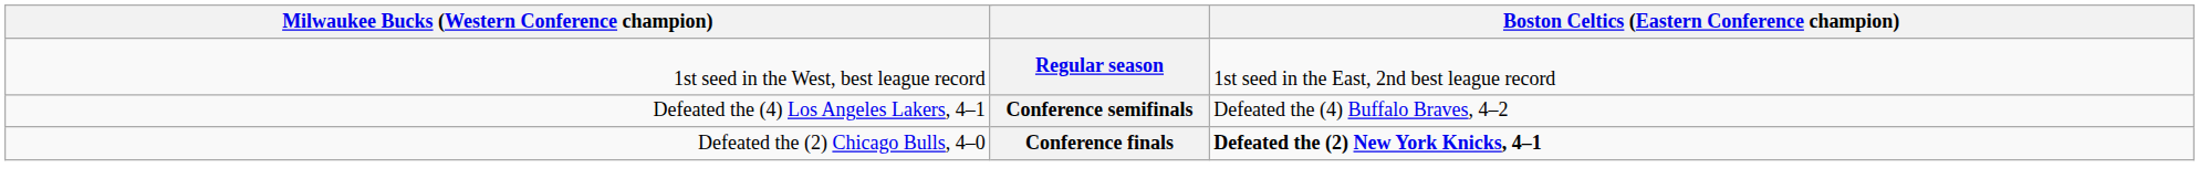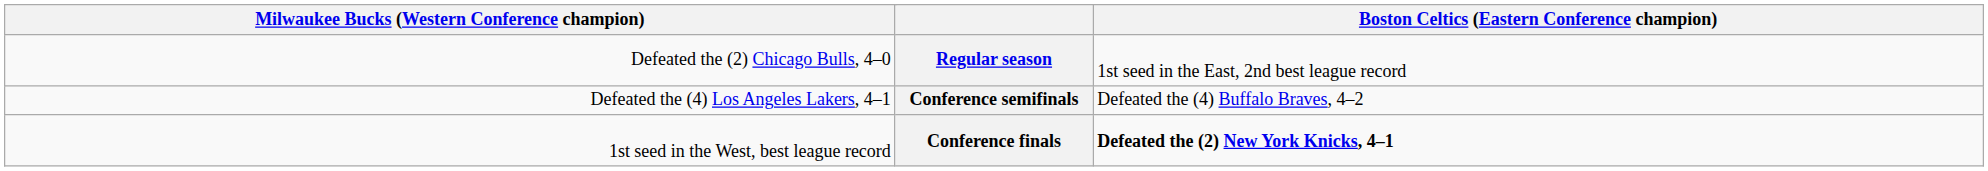 <table style="width:100%; font-size:90%" class="wikitable">
 <tr valign=top>
 <th colspan="2" style="width:45%;"><a href='#'>Milwaukee Bucks</a> (<a href='#'>Western Conference</a> champion)</th>
 <th></th>
 <th colspan="2" style="width:45%;"><a href='#'>Boston Celtics</a> (<a href='#'>Eastern Conference</a> champion)</th>
 </tr>
 <tr>
-<td align=right><br>1st seed in the West, best league record</td>
+<td align=right>Defeated the (2) <a href='#'>Chicago Bulls</a>, 4–0</td>
 <th colspan=2><a href='#'>Regular season</a></th>
 <td><br>1st seed in the East, 2nd best league record</td>
 </tr>
 <tr>
 <td align=right>Defeated the (4) <a href='#'>Los Angeles Lakers</a>, 4–1</td>
 <th colspan=2>Conference semifinals</th>
 <td>Defeated the (4) <a href='#'>Buffalo Braves</a>, 4–2</td>
 </tr>
 <tr>
-<td align=right>Defeated the (2) <a href='#'>Chicago Bulls</a>, 4–0</td>
+<td align=right><br>1st seed in the West, best league record</td>
 <th colspan=2>Conference finals</th>
 <td><strong>Defeated the (2) <a href='#'>New York Knicks</a>, 4–1</strong></td>
 </tr>
 </table>
